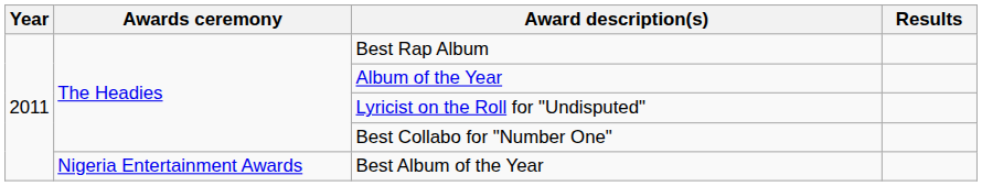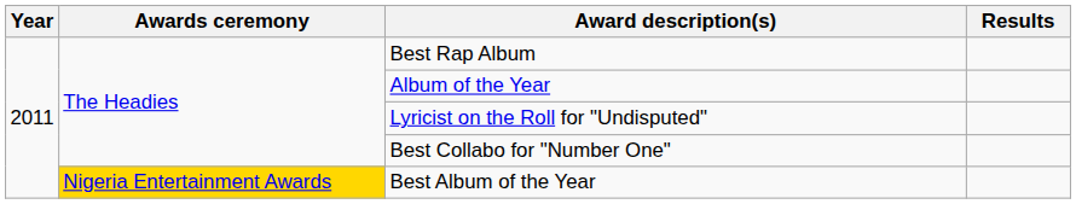 <table class="wikitable">
 <tr>
 <th>Year</th>
 <th width="250">Awards ceremony</th>
 <th width="450">Award description(s)</th>
 <th width="75">Results</th>
 </tr>
 <tr>
 <td rowspan="5">2011</td>
 <td rowspan="4"><a href='#'>The Headies</a></td>
 <td>Best Rap Album</td>
 <td></td>
 </tr>
 <tr>
 <td><a href='#'>Album of the Year</a></td>
 <td></td>
 </tr>
 <tr>
 <td><a href='#'>Lyricist on the Roll</a> for "Undisputed"</td>
 <td></td>
 </tr>
 <tr>
 <td>Best Collabo for "Number One"</td>
 <td></td>
 </tr>
 <tr>
-<td><a href='#'>Nigeria Entertainment Awards</a></td>
+<td style="background: gold;"><a href='#'>Nigeria Entertainment Awards</a></td>
 <td>Best Album of the Year</td>
 <td></td>
 </tr>
 </table>
